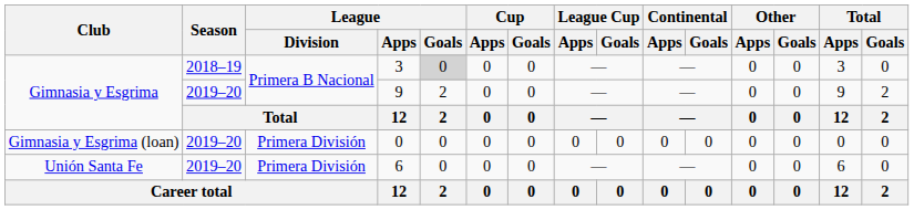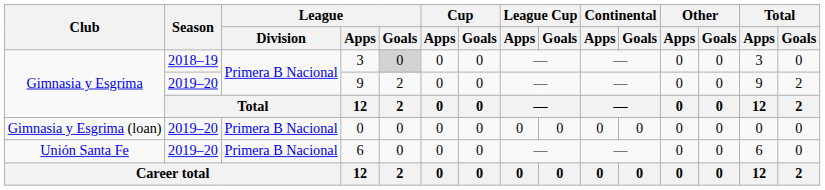 <table class="wikitable" style="text-align:center">
 <tr>
 <th rowspan="2">Club</th>
 <th rowspan="2">Season</th>
 <th colspan="3">League</th>
 <th colspan="2">Cup</th>
 <th colspan="2">League Cup</th>
 <th colspan="2">Continental</th>
 <th colspan="2">Other</th>
 <th colspan="2">Total</th>
 </tr>
 <tr>
 <th>Division</th>
 <th>Apps</th>
 <th>Goals</th>
 <th>Apps</th>
 <th>Goals</th>
 <th>Apps</th>
 <th>Goals</th>
 <th>Apps</th>
 <th>Goals</th>
 <th>Apps</th>
 <th>Goals</th>
 <th>Apps</th>
 <th>Goals</th>
 </tr>
 <tr>
 <td rowspan="3"><a href='#'>Gimnasia y Esgrima</a></td>
 <td><a href='#'>2018–19</a></td>
 <td rowspan="2"><a href='#'>Primera B Nacional</a></td>
 <td>3</td>
 <td style="background: lightgrey;">0</td>
 <td>0</td>
 <td>0</td>
 <td colspan="2">—</td>
 <td colspan="2">—</td>
 <td>0</td>
 <td>0</td>
 <td>3</td>
 <td>0</td>
 </tr>
 <tr>
 <td><a href='#'>2019–20</a></td>
 <td>9</td>
 <td>2</td>
 <td>0</td>
 <td>0</td>
 <td colspan="2">—</td>
 <td colspan="2">—</td>
 <td>0</td>
 <td>0</td>
 <td>9</td>
 <td>2</td>
 </tr>
 <tr>
 <th colspan="2">Total</th>
 <th>12</th>
 <th>2</th>
 <th>0</th>
 <th>0</th>
 <th colspan="2">—</th>
 <th colspan="2">—</th>
 <th>0</th>
 <th>0</th>
 <th>12</th>
 <th>2</th>
 </tr>
 <tr>
 <td rowspan="1"><a href='#'>Gimnasia y Esgrima</a> (loan)</td>
 <td><a href='#'>2019–20</a></td>
-<td rowspan="1"><a href='#'>Primera División</a></td>
+<td rowspan="1"><a href='#'>Primera B Nacional</a></td>
 <td>0</td>
 <td>0</td>
 <td>0</td>
 <td>0</td>
 <td>0</td>
 <td>0</td>
 <td>0</td>
 <td>0</td>
 <td>0</td>
 <td>0</td>
 <td>0</td>
 <td>0</td>
 </tr>
 <tr>
 <td rowspan="1"><a href='#'>Unión Santa Fe</a></td>
 <td><a href='#'>2019–20</a></td>
-<td rowspan="1"><a href='#'>Primera División</a></td>
+<td rowspan="1"><a href='#'>Primera B Nacional</a></td>
 <td>6</td>
 <td>0</td>
 <td>0</td>
 <td>0</td>
 <td colspan="2">—</td>
 <td colspan="2">—</td>
 <td>0</td>
 <td>0</td>
 <td>6</td>
 <td>0</td>
 </tr>
 <tr>
 <th colspan="3">Career total</th>
 <th>12</th>
 <th>2</th>
 <th>0</th>
 <th>0</th>
 <th>0</th>
 <th>0</th>
 <th>0</th>
 <th>0</th>
 <th>0</th>
 <th>0</th>
 <th>12</th>
 <th>2</th>
 </tr>
 </table>
